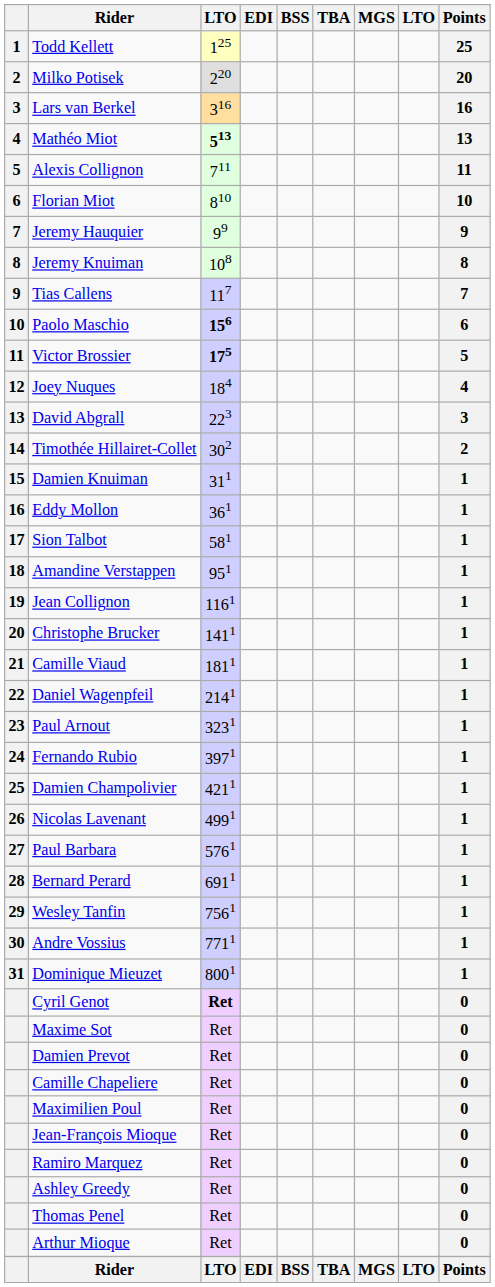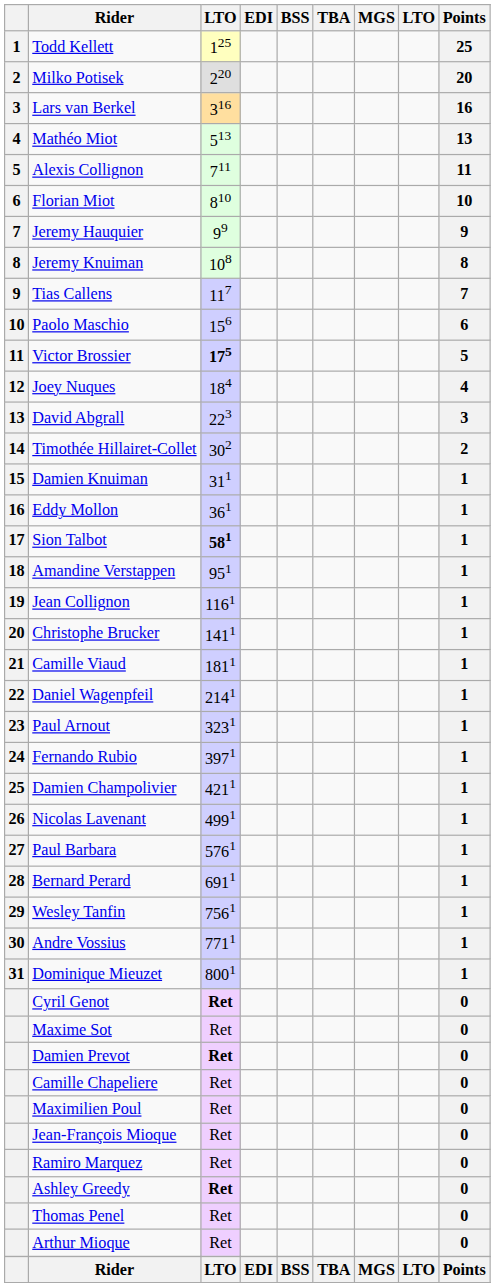 <table class="wikitable" style="font-size: 85%; text-align: center">
 <tr valign="top">
 <th valign="middle"></th>
 <th valign="middle">Rider</th>
 <th>LTO<br></th>
 <th>EDI<br></th>
 <th>BSS<br></th>
 <th>TBA<br></th>
 <th>MGS<br></th>
 <th>LTO<br></th>
 <th valign="middle">Points</th>
 </tr>
 <tr>
 <th>1</th>
 <td align="left"> <a href='#'>Todd Kellett</a></td>
 <td style="background:#ffffbf;">1<sup>25</sup></td>
 <td></td>
 <td></td>
 <td></td>
 <td></td>
 <td></td>
 <th>25</th>
 </tr>
 <tr>
 <th>2</th>
 <td align="left"> <a href='#'>Milko Potisek</a></td>
 <td style="background:#dfdfdf;">2<sup>20</sup></td>
 <td></td>
 <td></td>
 <td></td>
 <td></td>
 <td></td>
 <th>20</th>
 </tr>
 <tr>
 <th>3</th>
 <td align="left"> <a href='#'>Lars van Berkel</a></td>
 <td style="background:#ffdf9f;">3<sup>16</sup></td>
 <td></td>
 <td></td>
 <td></td>
 <td></td>
 <td></td>
 <th>16</th>
 </tr>
 <tr>
 <th>4</th>
 <td align="left"> <a href='#'>Mathéo Miot</a></td>
-<td style="background:#dfffdf;"><strong>5<sup>13</sup></strong></td>
+<td style="background:#dfffdf;">5<sup>13</sup></td>
 <td></td>
 <td></td>
 <td></td>
 <td></td>
 <td></td>
 <th>13</th>
 </tr>
 <tr>
 <th>5</th>
 <td align="left"> <a href='#'>Alexis Collignon</a></td>
 <td style="background:#dfffdf;">7<sup>11</sup></td>
 <td></td>
 <td></td>
 <td></td>
 <td></td>
 <td></td>
 <th>11</th>
 </tr>
 <tr>
 <th>6</th>
 <td align="left"> <a href='#'>Florian Miot</a></td>
 <td style="background:#dfffdf;">8<sup>10</sup></td>
 <td></td>
 <td></td>
 <td></td>
 <td></td>
 <td></td>
 <th>10</th>
 </tr>
 <tr>
 <th>7</th>
 <td align="left"> <a href='#'>Jeremy Hauquier</a></td>
 <td style="background:#dfffdf;">9<sup>9</sup></td>
 <td></td>
 <td></td>
 <td></td>
 <td></td>
 <td></td>
 <th>9</th>
 </tr>
 <tr>
 <th>8</th>
 <td align="left"> <a href='#'>Jeremy Knuiman</a></td>
 <td style="background:#dfffdf;">10<sup>8</sup></td>
 <td></td>
 <td></td>
 <td></td>
 <td></td>
 <td></td>
 <th>8</th>
 </tr>
 <tr>
 <th>9</th>
 <td align="left"> <a href='#'>Tias Callens</a></td>
 <td style="background:#cfcfff;">11<sup>7</sup></td>
 <td></td>
 <td></td>
 <td></td>
 <td></td>
 <td></td>
 <th>7</th>
 </tr>
 <tr>
 <th>10</th>
 <td align="left"> <a href='#'>Paolo Maschio</a></td>
-<td style="background:#cfcfff;"><strong>15<sup>6</sup></strong></td>
+<td style="background:#cfcfff;">15<sup>6</sup></td>
 <td></td>
 <td></td>
 <td></td>
 <td></td>
 <td></td>
 <th>6</th>
 </tr>
 <tr>
 <th>11</th>
 <td align="left"> <a href='#'>Victor Brossier</a></td>
 <td style="background:#cfcfff;"><strong>17<sup>5</sup></strong></td>
 <td></td>
 <td></td>
 <td></td>
 <td></td>
 <td></td>
 <th>5</th>
 </tr>
 <tr>
 <th>12</th>
 <td align="left"> <a href='#'>Joey Nuques</a></td>
 <td style="background:#cfcfff;">18<sup>4</sup></td>
 <td></td>
 <td></td>
 <td></td>
 <td></td>
 <td></td>
 <th>4</th>
 </tr>
 <tr>
 <th>13</th>
 <td align="left"> <a href='#'>David Abgrall</a></td>
 <td style="background:#cfcfff;">22<sup>3</sup></td>
 <td></td>
 <td></td>
 <td></td>
 <td></td>
 <td></td>
 <th>3</th>
 </tr>
 <tr>
 <th>14</th>
 <td align="left"> <a href='#'>Timothée Hillairet-Collet</a></td>
 <td style="background:#cfcfff;">30<sup>2</sup></td>
 <td></td>
 <td></td>
 <td></td>
 <td></td>
 <td></td>
 <th>2</th>
 </tr>
 <tr>
 <th>15</th>
 <td align="left"> <a href='#'>Damien Knuiman</a></td>
 <td style="background:#cfcfff;">31<sup>1</sup></td>
 <td></td>
 <td></td>
 <td></td>
 <td></td>
 <td></td>
 <th>1</th>
 </tr>
 <tr>
 <th>16</th>
 <td align="left"> <a href='#'>Eddy Mollon</a></td>
 <td style="background:#cfcfff;">36<sup>1</sup></td>
 <td></td>
 <td></td>
 <td></td>
 <td></td>
 <td></td>
 <th>1</th>
 </tr>
 <tr>
 <th>17</th>
 <td align="left"> <a href='#'>Sion Talbot</a></td>
-<td style="background:#cfcfff;">58<sup>1</sup></td>
+<td style="background:#cfcfff;"><strong>58<sup>1</sup></strong></td>
 <td></td>
 <td></td>
 <td></td>
 <td></td>
 <td></td>
 <th>1</th>
 </tr>
 <tr>
 <th>18</th>
 <td align="left"> <a href='#'>Amandine Verstappen</a></td>
 <td style="background:#cfcfff;">95<sup>1</sup></td>
 <td></td>
 <td></td>
 <td></td>
 <td></td>
 <td></td>
 <th>1</th>
 </tr>
 <tr>
 <th>19</th>
 <td align="left"> <a href='#'>Jean Collignon</a></td>
 <td style="background:#cfcfff;">116<sup>1</sup></td>
 <td></td>
 <td></td>
 <td></td>
 <td></td>
 <td></td>
 <th>1</th>
 </tr>
 <tr>
 <th>20</th>
 <td align="left"> <a href='#'>Christophe Brucker</a></td>
 <td style="background:#cfcfff;">141<sup>1</sup></td>
 <td></td>
 <td></td>
 <td></td>
 <td></td>
 <td></td>
 <th>1</th>
 </tr>
 <tr>
 <th>21</th>
 <td align="left"> <a href='#'>Camille Viaud</a></td>
 <td style="background:#cfcfff;">181<sup>1</sup></td>
 <td></td>
 <td></td>
 <td></td>
 <td></td>
 <td></td>
 <th>1</th>
 </tr>
 <tr>
 <th>22</th>
 <td align="left"> <a href='#'>Daniel Wagenpfeil</a></td>
 <td style="background:#cfcfff;">214<sup>1</sup></td>
 <td></td>
 <td></td>
 <td></td>
 <td></td>
 <td></td>
 <th>1</th>
 </tr>
 <tr>
 <th>23</th>
 <td align="left"> <a href='#'>Paul Arnout</a></td>
 <td style="background:#cfcfff;">323<sup>1</sup></td>
 <td></td>
 <td></td>
 <td></td>
 <td></td>
 <td></td>
 <th>1</th>
 </tr>
 <tr>
 <th>24</th>
 <td align="left"> <a href='#'>Fernando Rubio</a></td>
 <td style="background:#cfcfff;">397<sup>1</sup></td>
 <td></td>
 <td></td>
 <td></td>
 <td></td>
 <td></td>
 <th>1</th>
 </tr>
 <tr>
 <th>25</th>
 <td align="left"> <a href='#'>Damien Champolivier</a></td>
 <td style="background:#cfcfff;">421<sup>1</sup></td>
 <td></td>
 <td></td>
 <td></td>
 <td></td>
 <td></td>
 <th>1</th>
 </tr>
 <tr>
 <th>26</th>
 <td align="left"> <a href='#'>Nicolas Lavenant</a></td>
 <td style="background:#cfcfff;">499<sup>1</sup></td>
 <td></td>
 <td></td>
 <td></td>
 <td></td>
 <td></td>
 <th>1</th>
 </tr>
 <tr>
 <th>27</th>
 <td align="left"> <a href='#'>Paul Barbara</a></td>
 <td style="background:#cfcfff;">576<sup>1</sup></td>
 <td></td>
 <td></td>
 <td></td>
 <td></td>
 <td></td>
 <th>1</th>
 </tr>
 <tr>
 <th>28</th>
 <td align="left"> <a href='#'>Bernard Perard</a></td>
 <td style="background:#cfcfff;">691<sup>1</sup></td>
 <td></td>
 <td></td>
 <td></td>
 <td></td>
 <td></td>
 <th>1</th>
 </tr>
 <tr>
 <th>29</th>
 <td align="left"> <a href='#'>Wesley Tanfin</a></td>
 <td style="background:#cfcfff;">756<sup>1</sup></td>
 <td></td>
 <td></td>
 <td></td>
 <td></td>
 <td></td>
 <th>1</th>
 </tr>
 <tr>
 <th>30</th>
 <td align="left"> <a href='#'>Andre Vossius</a></td>
 <td style="background:#cfcfff;">771<sup>1</sup></td>
 <td></td>
 <td></td>
 <td></td>
 <td></td>
 <td></td>
 <th>1</th>
 </tr>
 <tr>
 <th>31</th>
 <td align="left"> <a href='#'>Dominique Mieuzet</a></td>
 <td style="background:#cfcfff;">800<sup>1</sup></td>
 <td></td>
 <td></td>
 <td></td>
 <td></td>
 <td></td>
 <th>1</th>
 </tr>
 <tr>
 <th></th>
 <td align="left"> <a href='#'>Cyril Genot</a></td>
 <td style="background:#efcfff;"><strong>Ret</strong></td>
 <td></td>
 <td></td>
 <td></td>
 <td></td>
 <td></td>
 <th>0</th>
 </tr>
 <tr>
 <th></th>
 <td align="left"> <a href='#'>Maxime Sot</a></td>
 <td style="background:#efcfff;">Ret</td>
 <td></td>
 <td></td>
 <td></td>
 <td></td>
 <td></td>
 <th>0</th>
 </tr>
 <tr>
 <th></th>
 <td align="left"> <a href='#'>Damien Prevot</a></td>
-<td style="background:#efcfff;">Ret</td>
+<td style="background:#efcfff;"><strong>Ret</strong></td>
 <td></td>
 <td></td>
 <td></td>
 <td></td>
 <td></td>
 <th>0</th>
 </tr>
 <tr>
 <th></th>
 <td align="left"> <a href='#'>Camille Chapeliere</a></td>
 <td style="background:#efcfff;">Ret</td>
 <td></td>
 <td></td>
 <td></td>
 <td></td>
 <td></td>
 <th>0</th>
 </tr>
 <tr>
 <th></th>
 <td align="left"> <a href='#'>Maximilien Poul</a></td>
 <td style="background:#efcfff;">Ret</td>
 <td></td>
 <td></td>
 <td></td>
 <td></td>
 <td></td>
 <th>0</th>
 </tr>
 <tr>
 <th></th>
 <td align="left"> <a href='#'>Jean-François Mioque</a></td>
 <td style="background:#efcfff;">Ret</td>
 <td></td>
 <td></td>
 <td></td>
 <td></td>
 <td></td>
 <th>0</th>
 </tr>
 <tr>
 <th></th>
 <td align="left"> <a href='#'>Ramiro Marquez</a></td>
 <td style="background:#efcfff;">Ret</td>
 <td></td>
 <td></td>
 <td></td>
 <td></td>
 <td></td>
 <th>0</th>
 </tr>
 <tr>
 <th></th>
 <td align="left"> <a href='#'>Ashley Greedy</a></td>
-<td style="background:#efcfff;">Ret</td>
+<td style="background:#efcfff;"><strong>Ret</strong></td>
 <td></td>
 <td></td>
 <td></td>
 <td></td>
 <td></td>
 <th>0</th>
 </tr>
 <tr>
 <th></th>
 <td align="left"> <a href='#'>Thomas Penel</a></td>
 <td style="background:#efcfff;">Ret</td>
 <td></td>
 <td></td>
 <td></td>
 <td></td>
 <td></td>
 <th>0</th>
 </tr>
 <tr>
 <th></th>
 <td align="left"> <a href='#'>Arthur Mioque</a></td>
 <td style="background:#efcfff;">Ret</td>
 <td></td>
 <td></td>
 <td></td>
 <td></td>
 <td></td>
 <th>0</th>
 </tr>
 <tr>
 </tr>
 <tr valign="top">
 <th valign="middle"></th>
 <th valign="middle">Rider</th>
 <th>LTO<br></th>
 <th>EDI<br></th>
 <th>BSS<br></th>
 <th>TBA<br></th>
 <th>MGS<br></th>
 <th>LTO<br></th>
 <th valign="middle">Points</th>
 </tr>
 <tr>
 </tr>
 </table>
